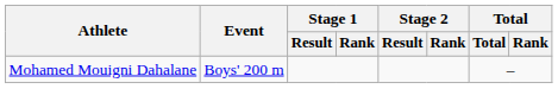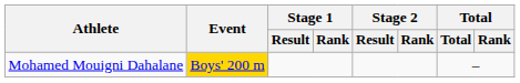 <table class="wikitable" style="font-size:90%">
 <tr>
 <th rowspan=2>Athlete</th>
 <th rowspan=2>Event</th>
 <th colspan=2>Stage 1</th>
 <th colspan=2>Stage 2</th>
 <th colspan=2>Total</th>
 </tr>
 <tr style="font-size:95%">
 <th>Result</th>
 <th>Rank</th>
 <th>Result</th>
 <th>Rank</th>
 <th>Total</th>
 <th>Rank</th>
 </tr>
 <tr align=center>
 <td align=left><a href='#'>Mohamed Mouigni Dahalane</a></td>
-<td align=left><a href='#'>Boys' 200 m</a></td>
+<td align=left style="background: gold;"><a href='#'>Boys' 200 m</a></td>
 <td colspan=2></td>
 <td colspan=2></td>
 <td colspan=2>–</td>
 </tr>
 </table>
